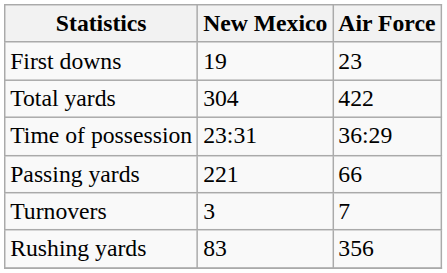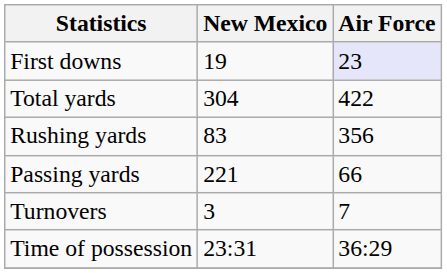 <table class="wikitable">
 <tr>
 <th>Statistics</th>
 <th>New Mexico</th>
 <th>Air Force</th>
 </tr>
 <tr>
 <td>First downs</td>
 <td>19</td>
-<td>23</td>
+<td style="background: lavender;">23</td>
 </tr>
 <tr>
 <td>Total yards</td>
 <td>304</td>
 <td>422</td>
 </tr>
 <tr>
-<td>Time of possession</td>
-<td>23:31</td>
-<td>36:29</td>
+<td>Rushing yards</td>
+<td>83</td>
+<td>356</td>
 </tr>
 <tr>
 <td>Passing yards</td>
 <td>221</td>
 <td>66</td>
 </tr>
 <tr>
 <td>Turnovers</td>
 <td>3</td>
 <td>7</td>
 </tr>
 <tr>
-<td>Rushing yards</td>
-<td>83</td>
-<td>356</td>
+<td>Time of possession</td>
+<td>23:31</td>
+<td>36:29</td>
 </tr>
 <tr>
 </tr>
 </table>
